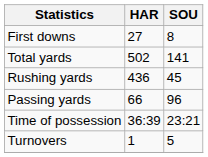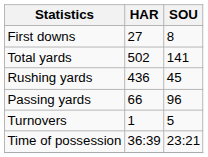 <table class="wikitable" style="float: left;">
 <tr>
 <th>Statistics</th>
 <th>HAR</th>
 <th>SOU</th>
 </tr>
 <tr>
 <td>First downs</td>
 <td>27</td>
 <td>8</td>
 </tr>
 <tr>
 <td>Total yards</td>
 <td>502</td>
 <td>141</td>
 </tr>
 <tr>
 <td>Rushing yards</td>
 <td>436</td>
 <td>45</td>
 </tr>
 <tr>
 <td>Passing yards</td>
 <td>66</td>
 <td>96</td>
 </tr>
 <tr>
+<td>Turnovers</td>
+<td>1</td>
+<td>5</td>
+</tr>
+<tr>
 <td>Time of possession</td>
 <td>36:39</td>
 <td>23:21</td>
 </tr>
 <tr>
-<td>Turnovers</td>
-<td>1</td>
-<td>5</td>
-</tr>
-<tr>
 </tr>
 </table>
